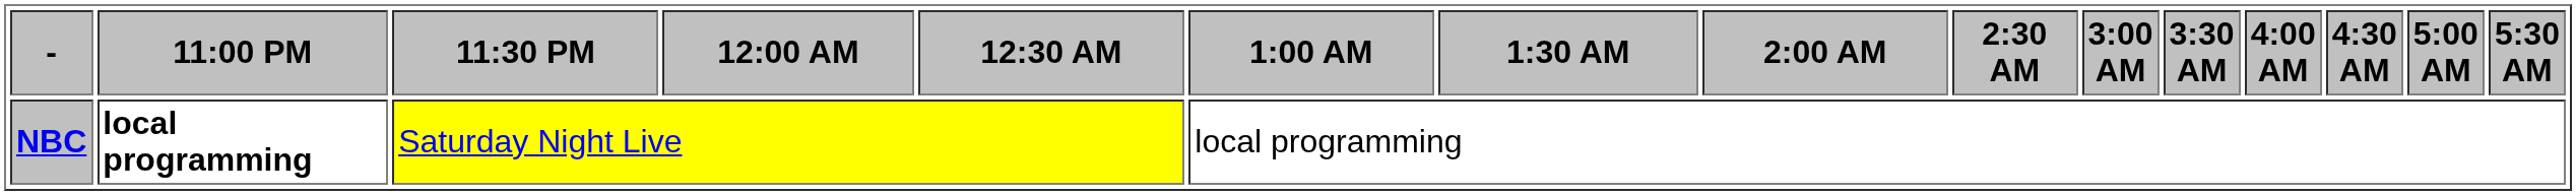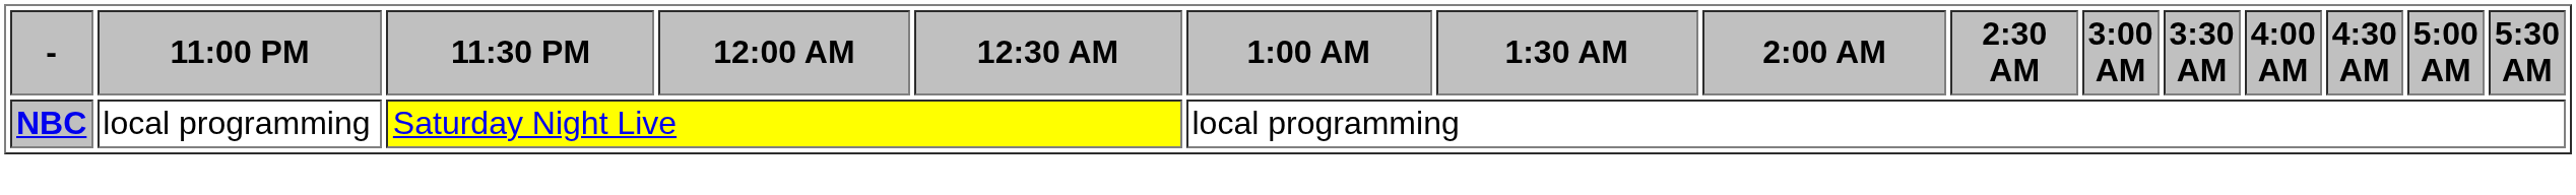 <table border="1" cellpadding="2">
 <tr>
 <th bgcolor="#C0C0C0">-</th>
 <th width="13%" bgcolor="#C0C0C0">11:00 PM</th>
 <th width="14%" bgcolor="#C0C0C0">11:30 PM</th>
 <th width="13%" bgcolor="#C0C0C0">12:00 AM</th>
 <th width="14%" bgcolor="#C0C0C0">12:30 AM</th>
 <th width="13%" bgcolor="#C0C0C0">1:00 AM</th>
 <th width="14%" bgcolor="#C0C0C0">1:30 AM</th>
 <th width="13%" bgcolor="#C0C0C0">2:00 AM</th>
 <th width="14%" bgcolor="#C0C0C0">2:30 AM</th>
 <th width="13%" bgcolor="#C0C0C0">3:00 AM</th>
 <th width="14%" bgcolor="#C0C0C0">3:30 AM</th>
 <th width="13%" bgcolor="#C0C0C0">4:00 AM</th>
 <th width="14%" bgcolor="#C0C0C0">4:30 AM</th>
 <th width="13%" bgcolor="#C0C0C0">5:00 AM</th>
 <th width="14%" bgcolor="#C0C0C0">5:30 AM</th>
 </tr>
 <tr>
 <th bgcolor="#C0C0C0"><a href='#'>NBC</a></th>
-<td bgcolor="white"><strong>local programming</strong></td>
+<td bgcolor="white">local programming</td>
 <td bgcolor="yellow" colspan="3"><a href='#'>Saturday Night Live</a></td>
 <td bgcolor="white" colspan="12">local programming</td>
 </tr>
 </table>
